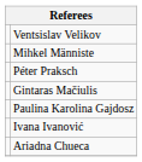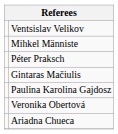 <table class="wikitable" style="display: inline-table;">
 <tr>
 <th colspan="2">Referees</th>
 </tr>
 <tr>
 <td></td>
 <td>Ventsislav Velikov</td>
 </tr>
 <tr>
 <td></td>
 <td>Mihkel Männiste</td>
 </tr>
 <tr>
 <td></td>
 <td>Péter Praksch</td>
 </tr>
 <tr>
 <td></td>
 <td>Gintaras Mačiulis</td>
 </tr>
 <tr>
 <td></td>
 <td>Paulina Karolina Gajdosz</td>
 </tr>
 <tr>
 <td></td>
-<td>Ivana Ivanović</td>
+<td>Veronika Obertová</td>
 </tr>
 <tr>
 <td></td>
 <td>Ariadna Chueca</td>
 </tr>
 <tr>
 </tr>
 </table>
